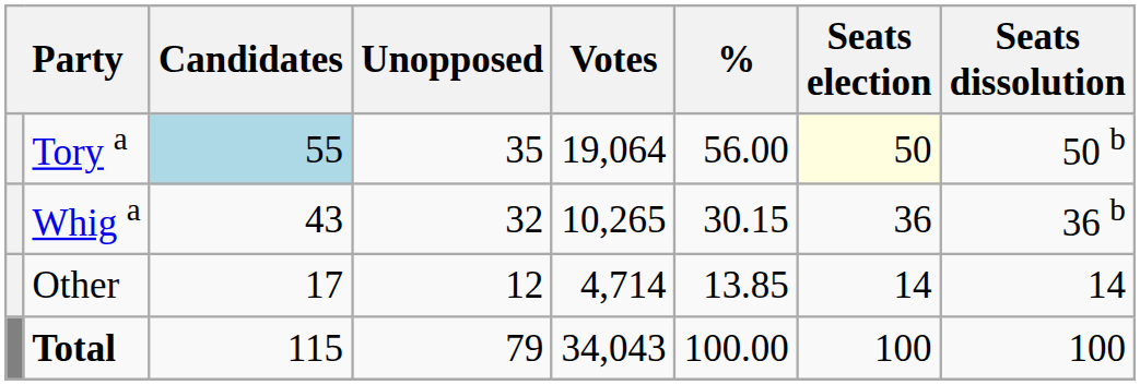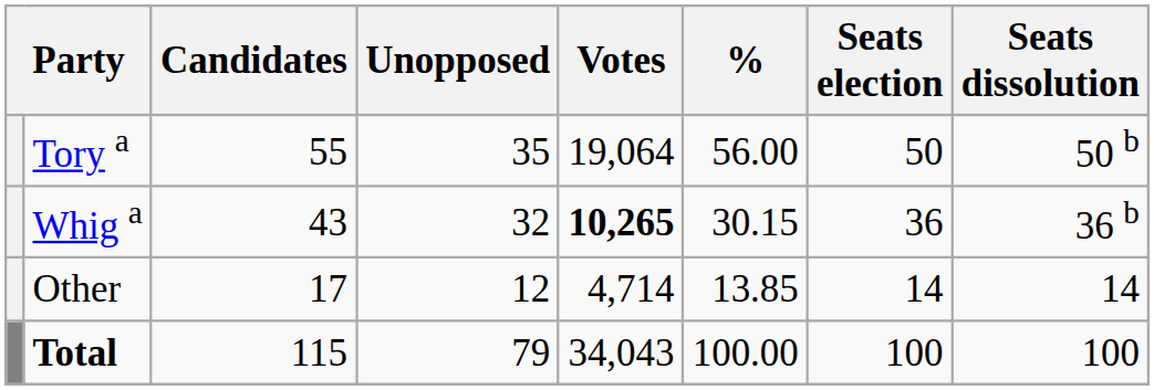 <table class="wikitable" style="font-size: 95%;">
 <tr>
 <th colspan=2>Party</th>
 <th>Candidates</th>
 <th>Unopposed</th>
 <th>Votes</th>
 <th>%</th>
 <th>Seats<br>election</th>
 <th>Seats<br>dissolution</th>
 </tr>
 <tr>
 <th style="background-color: "></th>
 <td><a href='#'>Tory</a> <sup>a</sup></td>
-<td align="right" style="background: lightblue;">55</td>
+<td align="right">55</td>
 <td align="right">35</td>
 <td align="right">19,064</td>
 <td align="right">56.00</td>
-<td align="right" style="background: lightyellow;">50</td>
+<td align="right">50</td>
 <td align="right">50 <sup>b</sup></td>
 </tr>
 <tr>
 <th style="background-color: "></th>
 <td><a href='#'>Whig</a> <sup>a</sup></td>
 <td align="right">43</td>
 <td align="right">32</td>
-<td align="right">10,265</td>
+<td align="right"><strong>10,265</strong></td>
 <td align="right">30.15</td>
 <td align="right">36</td>
 <td align="right">36 <sup>b</sup></td>
 </tr>
 <tr>
 <th style="background-color: "></th>
 <td>Other</td>
 <td align="right">17</td>
 <td align="right">12</td>
 <td align="right">4,714</td>
 <td align="right">13.85</td>
 <td align="right">14</td>
 <td align="right">14</td>
 </tr>
 <tr>
 <th style="background-color: grey"></th>
 <td><strong>Total</strong></td>
 <td align="right">115</td>
 <td align="right">79</td>
 <td align="right">34,043</td>
 <td align="right">100.00</td>
 <td align="right">100</td>
 <td align="right">100</td>
 </tr>
 <tr>
 </tr>
 </table>
